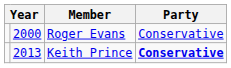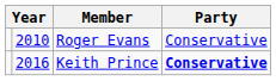 <table class="wikitable">
 <tr>
 <th colspan="2">Year</th>
 <th>Member</th>
 <th>Party</th>
 </tr>
 <tr>
 <td style="background-color: "></td>
-<td><a href='#'>2000</a></td>
+<td><a href='#'>2010</a></td>
 <td><a href='#'>Roger Evans</a></td>
 <td><a href='#'>Conservative</a></td>
 </tr>
 <tr>
 <td style="background-color: "></td>
-<td><a href='#'>2013</a></td>
+<td><a href='#'>2016</a></td>
 <td><a href='#'>Keith Prince</a></td>
 <td><strong><a href='#'>Conservative</a></strong></td>
 </tr>
 </table>
